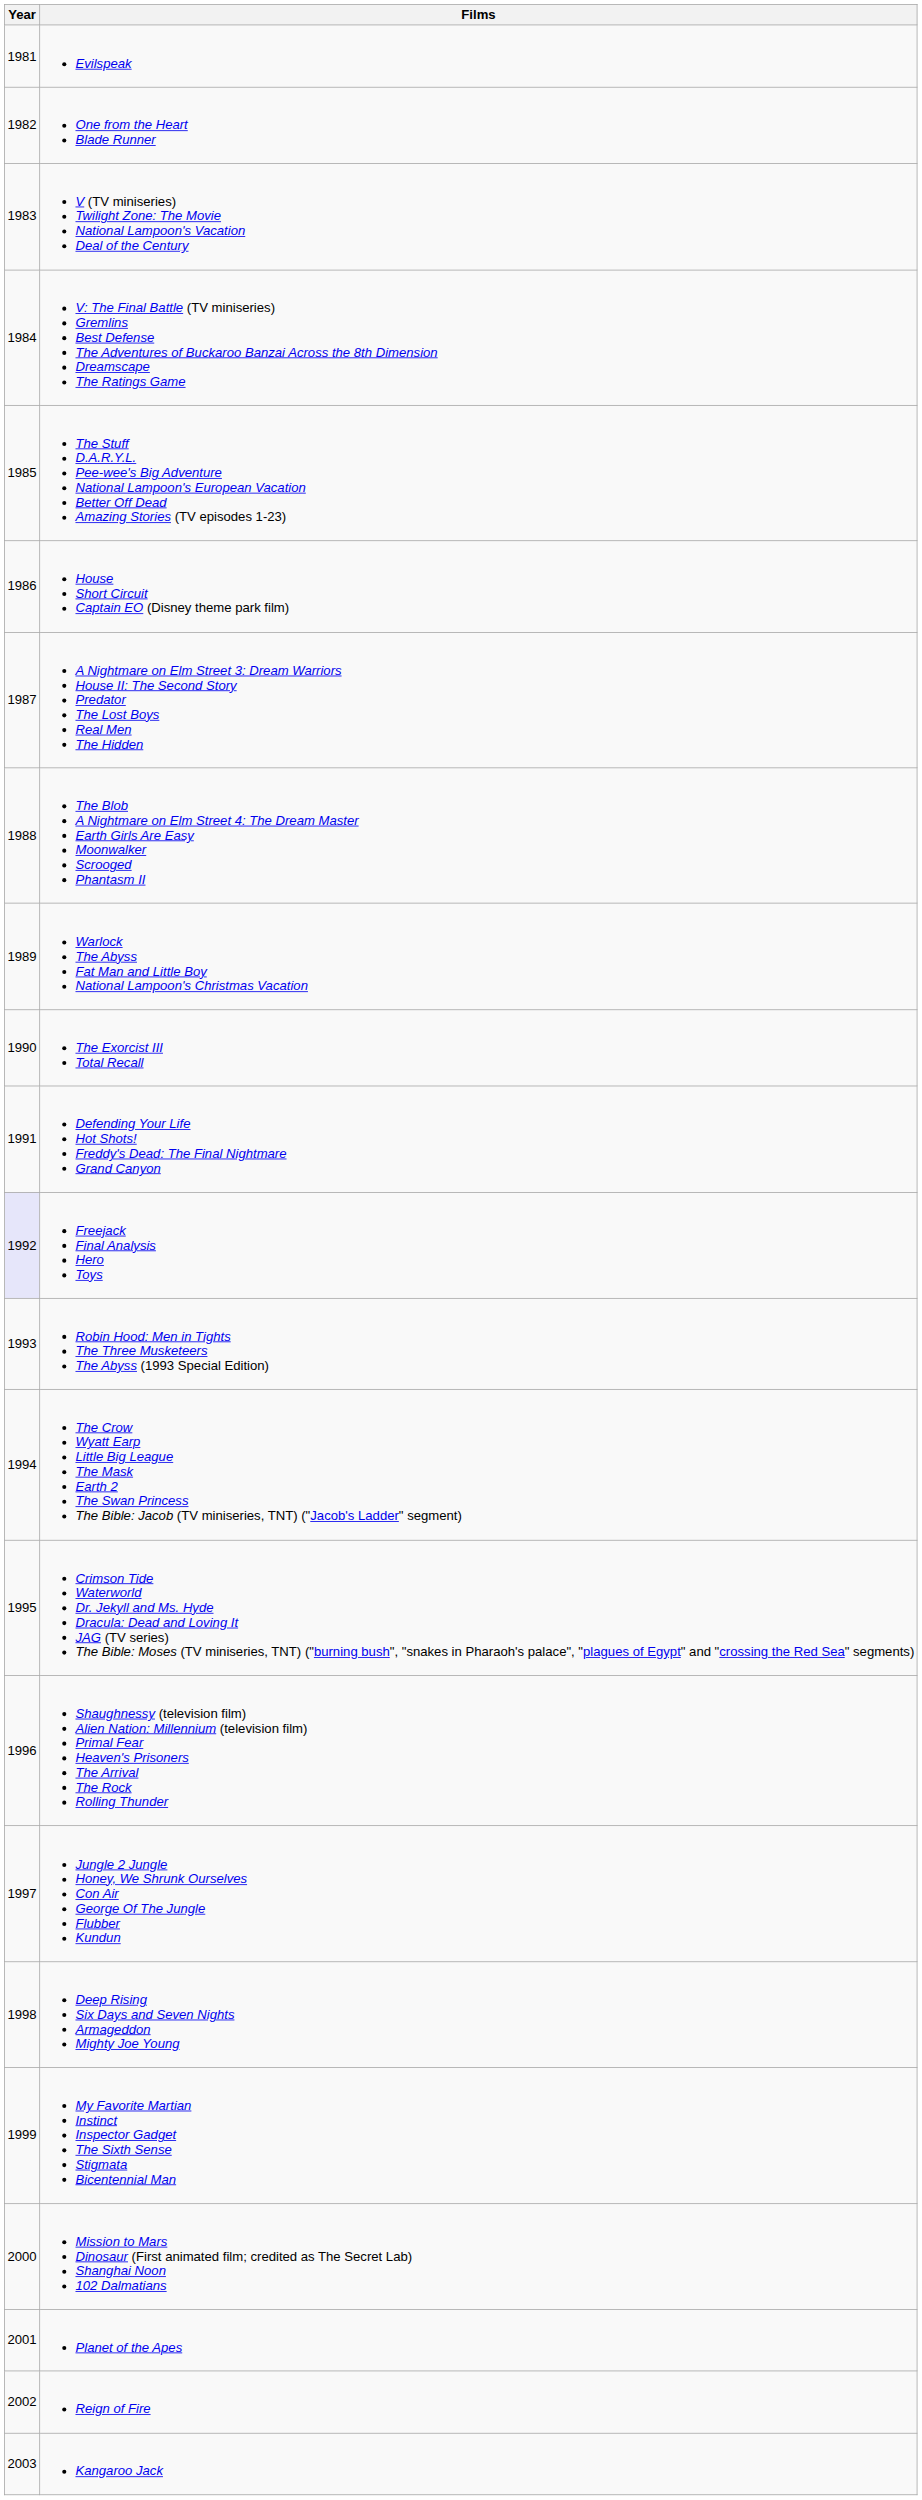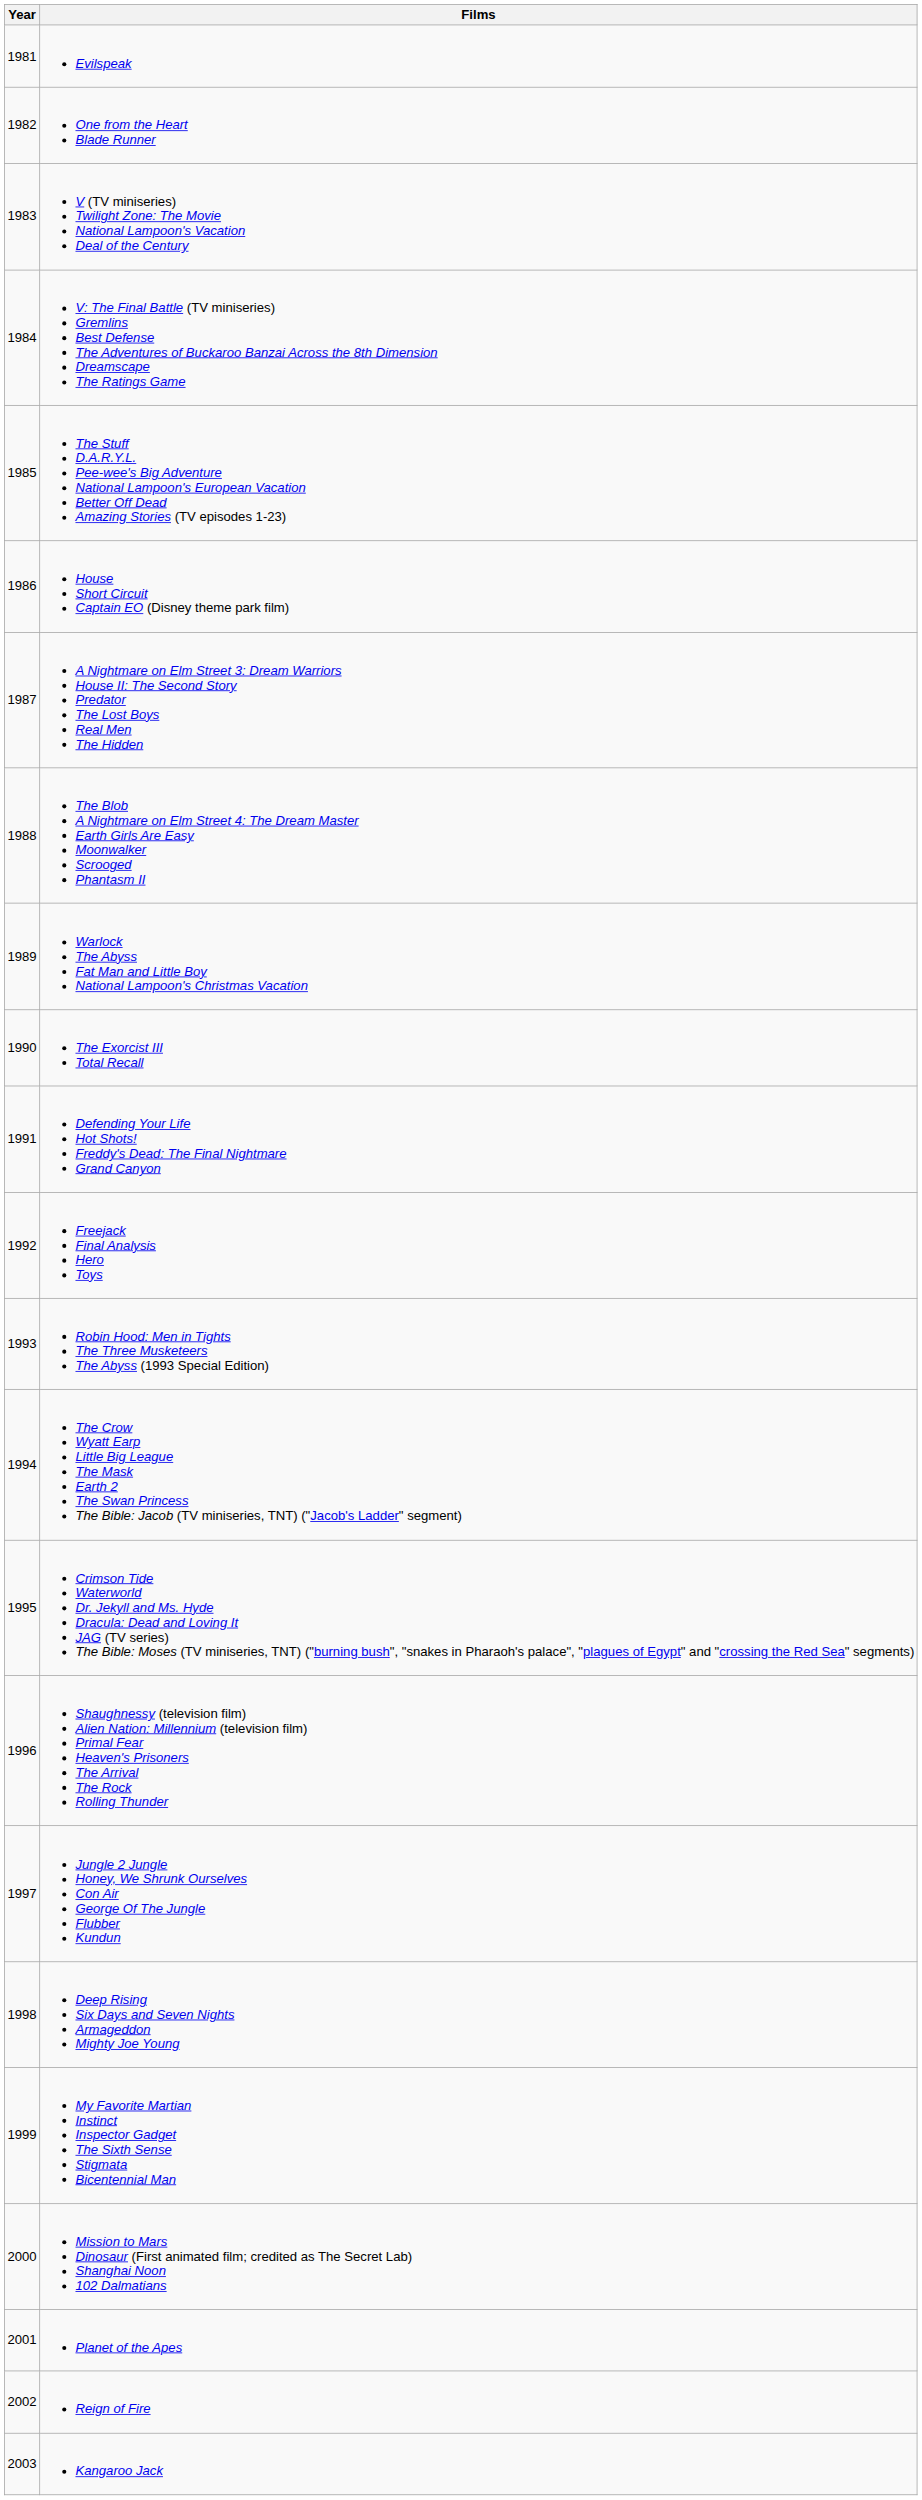 <table class="wikitable">
 <tr>
 <th>Year</th>
 <th>Films</th>
 </tr>
 <tr>
 <td>1981</td>
 <td><br><ul><li><em><a href='#'>Evilspeak</a></em></li></ul></td>
 </tr>
 <tr>
 <td>1982</td>
 <td><br><ul><li><em><a href='#'>One from the Heart</a></em></li><li><em><a href='#'>Blade Runner</a></em></li></ul></td>
 </tr>
 <tr>
 <td>1983</td>
 <td><br><ul><li><em><a href='#'>V</a></em> (TV miniseries)</li><li><em><a href='#'>Twilight Zone: The Movie</a></em></li><li><em><a href='#'>National Lampoon's Vacation</a></em></li><li><em><a href='#'>Deal of the Century</a></em></li></ul></td>
 </tr>
 <tr>
 <td>1984</td>
 <td><br><ul><li><em><a href='#'>V: The Final Battle</a></em> (TV miniseries)</li><li><em><a href='#'>Gremlins</a></em></li><li><em><a href='#'>Best Defense</a></em></li><li><em><a href='#'>The Adventures of Buckaroo Banzai Across the 8th Dimension</a></em></li><li><em><a href='#'>Dreamscape</a></em></li><li><em><a href='#'>The Ratings Game</a></em></li></ul></td>
 </tr>
 <tr>
 <td>1985</td>
 <td><br><ul><li><em><a href='#'>The Stuff</a></em></li><li><em><a href='#'>D.A.R.Y.L.</a></em></li><li><em><a href='#'>Pee-wee's Big Adventure</a></em></li><li><em><a href='#'>National Lampoon's European Vacation</a></em></li><li><em><a href='#'>Better Off Dead</a></em></li><li><em><a href='#'>Amazing Stories</a></em> (TV episodes 1-23)</li></ul></td>
 </tr>
 <tr>
 <td>1986</td>
 <td><br><ul><li><em><a href='#'>House</a></em></li><li><em><a href='#'>Short Circuit</a></em></li><li><em><a href='#'>Captain EO</a></em> (Disney theme park film)</li></ul></td>
 </tr>
 <tr>
 <td>1987</td>
 <td><br><ul><li><em><a href='#'>A Nightmare on Elm Street 3: Dream Warriors</a></em></li><li><em><a href='#'>House II: The Second Story</a></em></li><li><em><a href='#'>Predator</a></em></li><li><em><a href='#'>The Lost Boys</a></em></li><li><em><a href='#'>Real Men</a></em></li><li><em><a href='#'>The Hidden</a></em></li></ul></td>
 </tr>
 <tr>
 <td>1988</td>
 <td><br><ul><li><em><a href='#'>The Blob</a></em></li><li><em><a href='#'>A Nightmare on Elm Street 4: The Dream Master</a></em></li><li><em><a href='#'>Earth Girls Are Easy</a></em></li><li><em><a href='#'>Moonwalker</a></em></li><li><em><a href='#'>Scrooged</a></em></li><li><em><a href='#'>Phantasm II</a></em></li></ul></td>
 </tr>
 <tr>
 <td>1989</td>
 <td><br><ul><li><em><a href='#'>Warlock</a></em></li><li><em><a href='#'>The Abyss</a></em></li><li><em><a href='#'>Fat Man and Little Boy</a></em></li><li><em><a href='#'>National Lampoon's Christmas Vacation</a></em></li></ul></td>
 </tr>
 <tr>
 <td>1990</td>
 <td><br><ul><li><em><a href='#'>The Exorcist III</a></em></li><li><em><a href='#'>Total Recall</a></em></li></ul></td>
 </tr>
 <tr>
 <td>1991</td>
 <td><br><ul><li><em><a href='#'>Defending Your Life</a></em></li><li><em><a href='#'>Hot Shots!</a></em></li><li><em><a href='#'>Freddy's Dead: The Final Nightmare</a></em></li><li><em><a href='#'>Grand Canyon</a></em></li></ul></td>
 </tr>
 <tr>
-<td style="background: lavender;">1992</td>
+<td>1992</td>
 <td><br><ul><li><em><a href='#'>Freejack</a></em></li><li><em><a href='#'>Final Analysis</a></em></li><li><em><a href='#'>Hero</a></em></li><li><em><a href='#'>Toys</a></em></li></ul></td>
 </tr>
 <tr>
 <td>1993</td>
 <td><br><ul><li><em><a href='#'>Robin Hood: Men in Tights</a></em></li><li><em><a href='#'>The Three Musketeers</a></em></li><li><em><a href='#'>The Abyss</a></em> (1993 Special Edition)</li></ul></td>
 </tr>
 <tr>
 <td>1994</td>
 <td><br><ul><li><em><a href='#'>The Crow</a></em></li><li><em><a href='#'>Wyatt Earp</a></em></li><li><em><a href='#'>Little Big League</a></em></li><li><em><a href='#'>The Mask</a></em></li><li><em><a href='#'>Earth 2</a></em></li><li><em><a href='#'>The Swan Princess</a></em></li><li><em>The Bible: Jacob</em> (TV miniseries, TNT) ("<a href='#'>Jacob's Ladder</a>" segment)</li></ul></td>
 </tr>
 <tr>
 <td>1995</td>
 <td><br><ul><li><em><a href='#'>Crimson Tide</a></em></li><li><em><a href='#'>Waterworld</a></em></li><li><em><a href='#'>Dr. Jekyll and Ms. Hyde</a></em></li><li><em><a href='#'>Dracula: Dead and Loving It</a></em></li><li><em><a href='#'>JAG</a></em> (TV series)</li><li><em>The Bible: Moses</em> (TV miniseries, TNT) ("<a href='#'>burning bush</a>", "snakes in Pharaoh's palace", "<a href='#'>plagues of Egypt</a>" and "<a href='#'>crossing the Red Sea</a>" segments)</li></ul></td>
 </tr>
 <tr>
 <td>1996</td>
 <td><br><ul><li><em><a href='#'>Shaughnessy</a></em> (television film)</li><li><em><a href='#'>Alien Nation: Millennium</a></em> (television film)</li><li><em><a href='#'>Primal Fear</a> </em></li><li><em><a href='#'>Heaven's Prisoners</a></em></li><li><em><a href='#'>The Arrival</a></em></li><li><em><a href='#'>The Rock</a></em></li><li><em><a href='#'>Rolling Thunder</a></em></li></ul></td>
 </tr>
 <tr>
 <td>1997</td>
 <td><br><ul><li><em><a href='#'>Jungle 2 Jungle</a></em></li><li><em><a href='#'>Honey, We Shrunk Ourselves</a></em></li><li><em><a href='#'>Con Air</a></em></li><li><em><a href='#'>George Of The Jungle</a></em></li><li><em><a href='#'>Flubber</a></em></li><li><em><a href='#'>Kundun</a></em></li></ul></td>
 </tr>
 <tr>
 <td>1998</td>
 <td><br><ul><li><em><a href='#'>Deep Rising</a></em></li><li><em><a href='#'>Six Days and Seven Nights</a></em></li><li><em><a href='#'>Armageddon</a></em></li><li><em><a href='#'>Mighty Joe Young</a></em></li></ul></td>
 </tr>
 <tr>
 <td>1999</td>
 <td><br><ul><li><em><a href='#'>My Favorite Martian</a></em></li><li><em><a href='#'>Instinct</a></em></li><li><em><a href='#'>Inspector Gadget</a></em></li><li><em><a href='#'>The Sixth Sense</a></em></li><li><em><a href='#'>Stigmata</a></em></li><li><em><a href='#'>Bicentennial Man</a></em></li></ul></td>
 </tr>
 <tr>
 <td>2000</td>
 <td><br><ul><li><em><a href='#'>Mission to Mars</a></em></li><li><em><a href='#'>Dinosaur</a></em> (First animated film; credited as The Secret Lab)</li><li><em><a href='#'>Shanghai Noon</a></em></li><li><em><a href='#'>102 Dalmatians</a></em></li></ul></td>
 </tr>
 <tr>
 <td>2001</td>
 <td><br><ul><li><em><a href='#'>Planet of the Apes</a></em></li></ul></td>
 </tr>
 <tr>
 <td>2002</td>
 <td><br><ul><li><em><a href='#'>Reign of Fire</a></em></li></ul></td>
 </tr>
 <tr>
 <td>2003</td>
 <td><br><ul><li><em><a href='#'>Kangaroo Jack</a></em></li></ul></td>
 </tr>
 </table>
